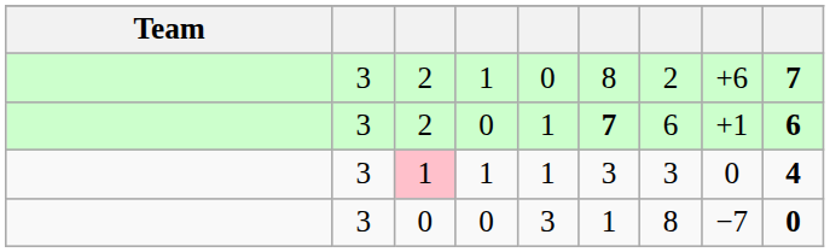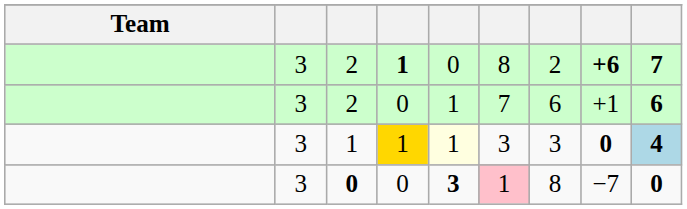 <table class="wikitable" style="text-align:center;">
 <tr>
 </tr>
 <tr>
 <th width=165>Team</th>
 <th width=25></th>
 <th width=25></th>
 <th width=25></th>
 <th width=25></th>
 <th width=25></th>
 <th width=25></th>
 <th width=25></th>
 <th width=25></th>
 </tr>
 <tr style="background:#cfc;">
 <td align="left"></td>
 <td>3</td>
 <td>2</td>
-<td>1</td>
+<td><strong>1</strong></td>
 <td>0</td>
 <td>8</td>
 <td>2</td>
-<td>+6</td>
+<td><strong>+6</strong></td>
 <td><strong>7</strong></td>
 </tr>
 <tr style="background:#cfc;">
 <td align="left"></td>
 <td>3</td>
 <td>2</td>
 <td>0</td>
 <td>1</td>
-<td><strong>7</strong></td>
+<td>7</td>
 <td>6</td>
 <td>+1</td>
 <td><strong>6</strong></td>
 </tr>
 <tr>
 <td align="left"><strong></strong></td>
 <td>3</td>
-<td style="background: pink;">1</td>
 <td>1</td>
-<td>1</td>
+<td style="background: gold;">1</td>
+<td style="background: lightyellow;">1</td>
 <td>3</td>
 <td>3</td>
-<td>0</td>
-<td><strong>4</strong></td>
+<td><strong>0</strong></td>
+<td style="background: lightblue;"><strong>4</strong></td>
 </tr>
 <tr>
 <td align="left"></td>
 <td>3</td>
+<td><strong>0</strong></td>
 <td>0</td>
-<td>0</td>
-<td>3</td>
-<td>1</td>
+<td><strong>3</strong></td>
+<td style="background: pink;">1</td>
 <td>8</td>
 <td>−7</td>
 <td><strong>0</strong></td>
 </tr>
 </table>
